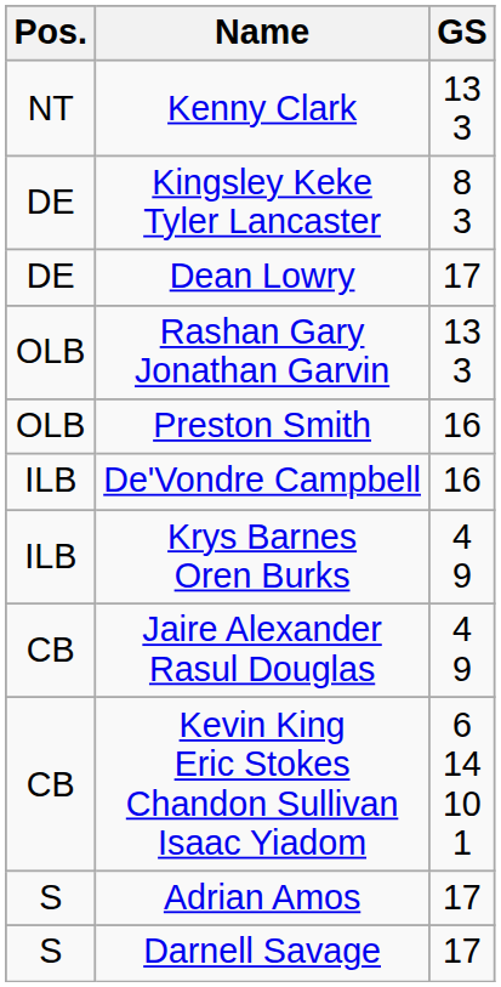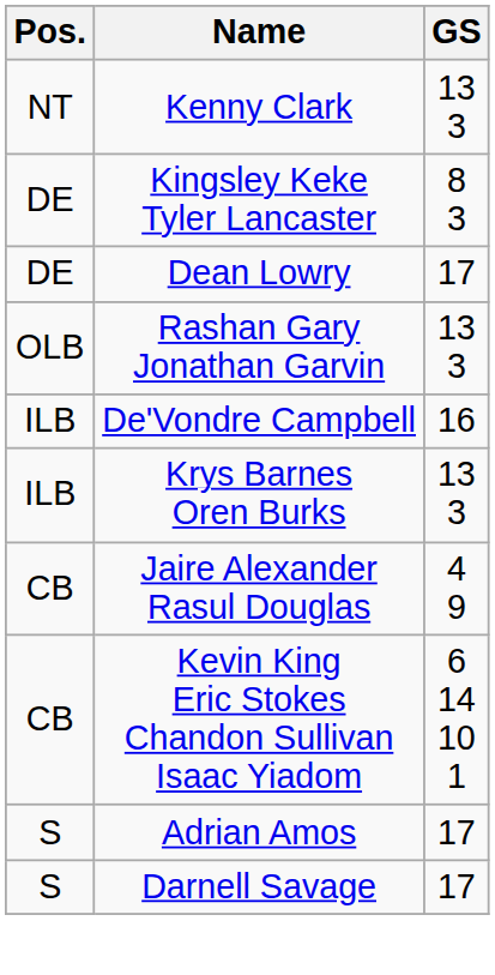 <table class="wikitable" style="text-align:center">
 <tr>
 <th>Pos.</th>
 <th>Name</th>
 <th>GS</th>
 </tr>
 <tr>
 <td>NT</td>
 <td><a href='#'>Kenny Clark</a></td>
 <td>13<br>3</td>
 </tr>
 <tr>
 <td>DE</td>
 <td><a href='#'>Kingsley Keke</a><br><a href='#'>Tyler Lancaster</a></td>
 <td>8<br>3</td>
 </tr>
 <tr>
 <td>DE</td>
 <td><a href='#'>Dean Lowry</a></td>
 <td>17</td>
 </tr>
 <tr>
 <td>OLB</td>
 <td><a href='#'>Rashan Gary</a><br><a href='#'>Jonathan Garvin</a></td>
 <td>13<br>3</td>
 </tr>
 <tr>
-<td>OLB</td>
-<td><a href='#'>Preston Smith</a></td>
-<td>16</td>
-</tr>
-<tr>
 <td>ILB</td>
 <td><a href='#'>De'Vondre Campbell</a></td>
 <td>16</td>
 </tr>
 <tr>
 <td>ILB</td>
 <td><a href='#'>Krys Barnes</a><br><a href='#'>Oren Burks</a></td>
-<td>4<br>9</td>
+<td>13<br>3</td>
 </tr>
 <tr>
 <td>CB</td>
 <td><a href='#'>Jaire Alexander</a><br><a href='#'>Rasul Douglas</a></td>
 <td>4<br>9</td>
 </tr>
 <tr>
 <td>CB</td>
 <td><a href='#'>Kevin King</a><br><a href='#'>Eric Stokes</a><br><a href='#'>Chandon Sullivan</a><br><a href='#'>Isaac Yiadom</a></td>
 <td>6<br>14<br>10<br>1</td>
 </tr>
 <tr>
 <td>S</td>
 <td><a href='#'>Adrian Amos</a></td>
 <td>17</td>
 </tr>
 <tr>
 <td>S</td>
 <td><a href='#'>Darnell Savage</a></td>
 <td>17</td>
 </tr>
 </table>
